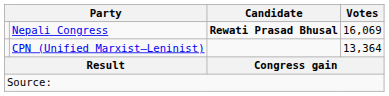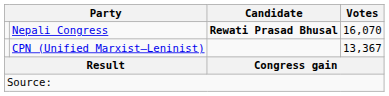 <table class="wikitable">
 <tr>
 <th colspan="2">Party</th>
 <th>Candidate</th>
 <th>Votes</th>
 </tr>
 <tr>
 <td style="background-color:"></td>
 <td><a href='#'>Nepali Congress</a></td>
 <td><strong>Rewati Prasad Bhusal</strong></td>
-<td>16,069</td>
+<td>16,070</td>
 </tr>
 <tr>
 <td style="background-color:"></td>
 <td><a href='#'>CPN (Unified Marxist–Leninist)</a></td>
 <td></td>
-<td>13,364</td>
+<td>13,367</td>
 </tr>
 <tr>
 <th colspan="2">Result</th>
 <th colspan="2">Congress gain</th>
 </tr>
 <tr>
 <td colspan="4">Source: </td>
 </tr>
 </table>
